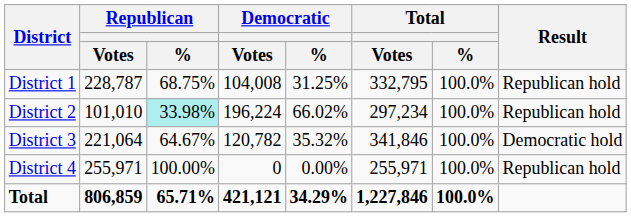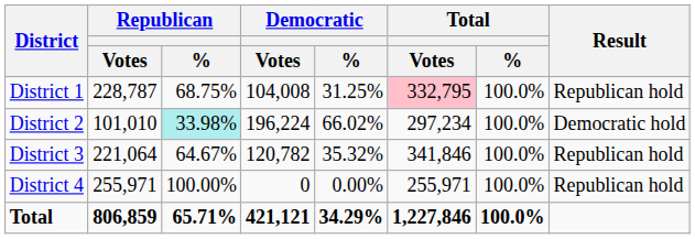 <table class="wikitable plainrowheaders sortable" style="font-size:100%; text-align:right;">
 <tr>
 <th scope=col rowspan=3><a href='#'>District</a></th>
 <th scope=col colspan=2><a href='#'>Republican</a></th>
 <th scope=col colspan=2><a href='#'>Democratic</a></th>
 <th scope=col colspan=2>Total</th>
 <th scope=col rowspan=3>Result</th>
 </tr>
 <tr>
 <th scope=col colspan=2 style="background:"></th>
 <th scope=col colspan=2 style="background:"></th>
 <th scope=col colspan=2></th>
 </tr>
 <tr>
 <th scope=col data-sort-type="number">Votes</th>
 <th scope=col data-sort-type="number">%</th>
 <th scope=col data-sort-type="number">Votes</th>
 <th scope=col data-sort-type="number">%</th>
 <th scope=col data-sort-type="number">Votes</th>
 <th scope=col data-sort-type="number">%</th>
 </tr>
 <tr>
 <td align=left><a href='#'>District 1</a></td>
 <td>228,787</td>
 <td>68.75%</td>
 <td>104,008</td>
 <td>31.25%</td>
-<td>332,795</td>
+<td style="background: pink;">332,795</td>
 <td>100.0%</td>
 <td align=left>Republican hold</td>
 </tr>
 <tr>
 <td align=left><a href='#'>District 2</a></td>
 <td>101,010</td>
 <td style="background: paleturquoise;">33.98%</td>
 <td>196,224</td>
 <td>66.02%</td>
 <td>297,234</td>
 <td>100.0%</td>
-<td align=left>Republican hold</td>
+<td align=left>Democratic hold</td>
 </tr>
 <tr>
 <td align=left><a href='#'>District 3</a></td>
 <td>221,064</td>
 <td>64.67%</td>
 <td>120,782</td>
 <td>35.32%</td>
 <td>341,846</td>
 <td>100.0%</td>
-<td align=left>Democratic hold</td>
+<td align=left>Republican hold</td>
 </tr>
 <tr>
 <td align=left><a href='#'>District 4</a></td>
 <td>255,971</td>
 <td>100.00%</td>
 <td>0</td>
 <td>0.00%</td>
 <td>255,971</td>
 <td>100.0%</td>
 <td align=left>Republican hold</td>
 </tr>
 <tr class="sortbottom" style="font-weight:bold">
 <td align=left>Total</td>
 <td>806,859</td>
 <td>65.71%</td>
 <td>421,121</td>
 <td>34.29%</td>
 <td>1,227,846</td>
 <td>100.0%</td>
 <td></td>
 </tr>
 </table>
